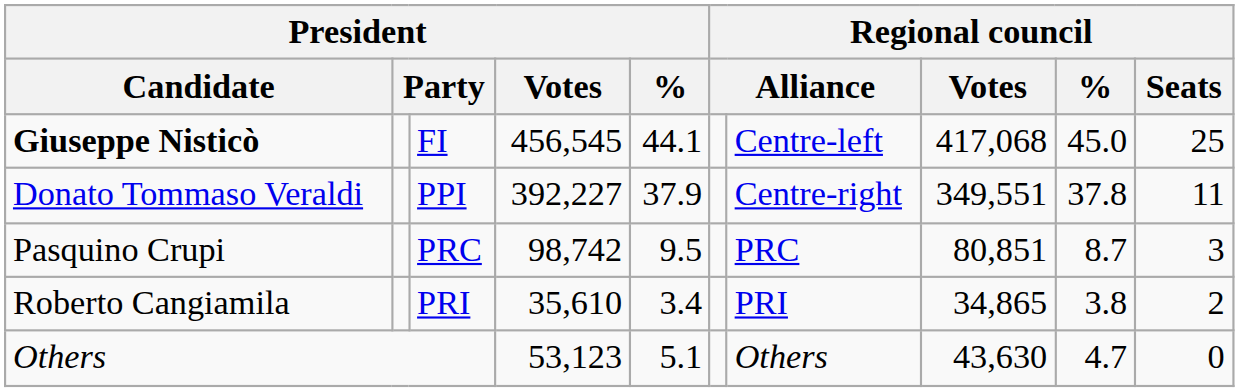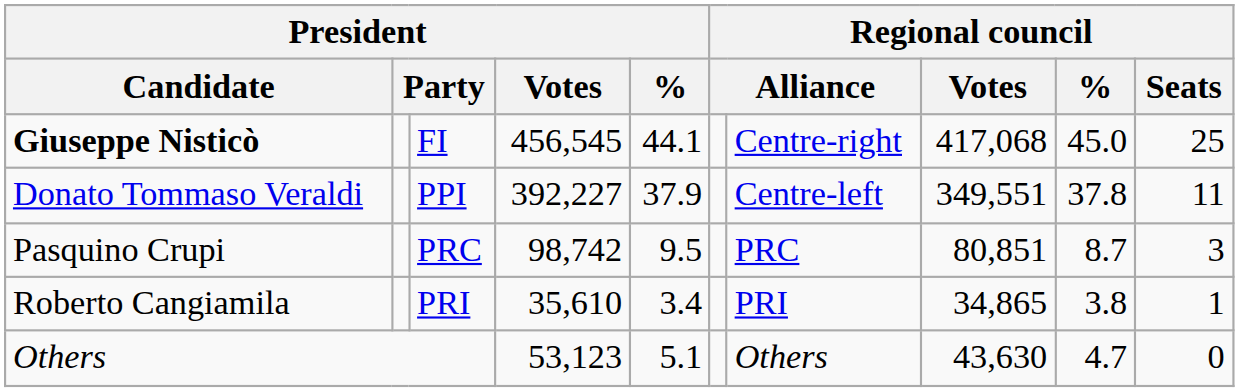 <table class="wikitable" style="text-align:right; style="width=65%">
 <tr>
 <th colspan="5">President</th>
 <th colspan="7">Regional council</th>
 </tr>
 <tr>
 <th>Candidate</th>
 <th colspan="2">Party</th>
 <th>Votes</th>
 <th>%</th>
 <th colspan="2">Alliance</th>
 <th>Votes</th>
 <th>%</th>
 <th>Seats</th>
 </tr>
 <tr>
 <td style="text-align:left"><strong>Giuseppe Nisticò</strong></td>
 <td></td>
 <td style="text-align:left"><a href='#'>FI</a></td>
 <td>456,545</td>
 <td>44.1</td>
 <td></td>
-<td style="text-align:left"><a href='#'>Centre-left</a></td>
+<td style="text-align:left"><a href='#'>Centre-right</a></td>
 <td>417,068</td>
 <td>45.0</td>
 <td>25</td>
 </tr>
 <tr>
 <td style="text-align:left"><a href='#'>Donato Tommaso Veraldi</a></td>
 <td></td>
 <td style="text-align:left"><a href='#'>PPI</a></td>
 <td>392,227</td>
 <td>37.9</td>
 <td></td>
-<td style="text-align:left"><a href='#'>Centre-right</a></td>
+<td style="text-align:left"><a href='#'>Centre-left</a></td>
 <td>349,551</td>
 <td>37.8</td>
 <td>11</td>
 </tr>
 <tr>
 <td style="text-align:left">Pasquino Crupi</td>
 <td></td>
 <td style="text-align:left"><a href='#'>PRC</a></td>
 <td>98,742</td>
 <td>9.5</td>
 <td></td>
 <td style="text-align:left"><a href='#'>PRC</a></td>
 <td>80,851</td>
 <td>8.7</td>
 <td>3</td>
 </tr>
 <tr>
 <td style="text-align:left">Roberto Cangiamila</td>
 <td></td>
 <td style="text-align:left"><a href='#'>PRI</a></td>
 <td>35,610</td>
 <td>3.4</td>
 <td></td>
 <td style="text-align:left"><a href='#'>PRI</a></td>
 <td>34,865</td>
 <td>3.8</td>
-<td>2</td>
+<td>1</td>
 </tr>
 <tr>
 <td colspan="3" style="text-align:left"><em>Others</em></td>
 <td>53,123</td>
 <td>5.1</td>
 <td></td>
 <td style="text-align:left"><em>Others</em></td>
 <td>43,630</td>
 <td>4.7</td>
 <td>0</td>
 </tr>
 </table>
